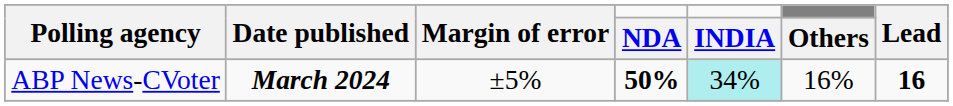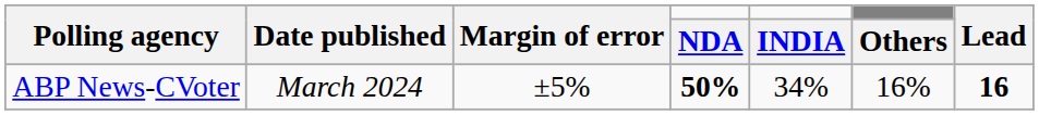 <table class="wikitable sortable" style="text-align:center;font-size:95%;line-height:16px">
 <tr>
 <th rowspan="2">Polling agency</th>
 <th rowspan="2">Date published</th>
 <th rowspan="2">Margin of error</th>
 <td bgcolor=></td>
 <td bgcolor=></td>
 <td bgcolor=grey></td>
 <th rowspan="2">Lead</th>
 </tr>
 <tr>
 <th><a href='#'>NDA</a></th>
 <th><a href='#'>INDIA</a></th>
 <th>Others</th>
 </tr>
 <tr>
 <td><a href='#'>ABP News</a>-<a href='#'>CVoter</a></td>
-<td><strong><em>March 2024</em></strong></td>
+<td><em>March 2024</em></td>
 <td>±5%</td>
 <td bgcolor=><strong>50%</strong></td>
-<td style="background: paleturquoise;">34%</td>
+<td>34%</td>
 <td>16%</td>
 <td bgcolor=><strong>16</strong></td>
 </tr>
 </table>
